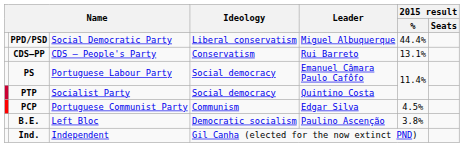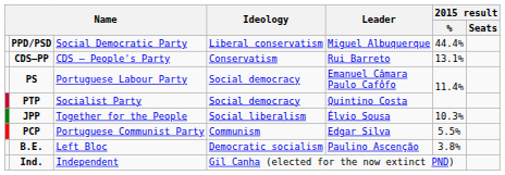 <table class="wikitable">
 <tr>
 <th rowspan="2" colspan="3">Name</th>
 <th rowspan="2">Ideology</th>
 <th rowspan="2">Leader</th>
 <th colspan="2">2015 result</th>
 </tr>
 <tr>
 <th>%</th>
 <th>Seats</th>
 </tr>
 <tr>
 <td style="color:inherit;background:"></td>
 <td style="text-align:center;"><strong>PPD/PSD</strong></td>
 <td><a href='#'>Social Democratic Party</a><br></td>
 <td><a href='#'>Liberal conservatism</a></td>
 <td><a href='#'>Miguel Albuquerque</a></td>
 <td style="text-align:center;">44.4%</td>
 <td></td>
 </tr>
 <tr>
 <td style="color:inherit;background:"></td>
 <td style="text-align:center;"><strong>CDS–PP</strong></td>
 <td><a href='#'>CDS – People's Party</a><br></td>
 <td><a href='#'>Conservatism</a></td>
 <td><a href='#'>Rui Barreto</a></td>
 <td style="text-align:center;">13.1%</td>
 <td></td>
 </tr>
 <tr>
 <td style="color:inherit;background:"></td>
 <td style="text-align:center;"><strong>PS</strong></td>
 <td><a href='#'>Portuguese Labour Party</a><br></td>
 <td><a href='#'>Social democracy</a></td>
 <td><a href='#'>Emanuel Câmara</a> <br><a href='#'>Paulo Cafôfo</a></td>
 <td rowspan="2" style="text-align:center;">11.4%<br></td>
 <td></td>
 </tr>
 <tr>
 <td style="background:#CC0033;"></td>
 <td style="text-align:center;"><strong>PTP</strong></td>
 <td><a href='#'>Socialist Party</a><br></td>
 <td><a href='#'>Social democracy</a></td>
 <td><a href='#'>Quintino Costa</a></td>
 <td></td>
 </tr>
 <tr>
+<td style="background:#008000;"></td>
+<td style="text-align:center;"><strong>JPP</strong></td>
+<td><a href='#'>Together for the People</a><br></td>
+<td><a href='#'>Social liberalism</a></td>
+<td><a href='#'>Élvio Sousa</a></td>
+<td style="text-align:center;">10.3%</td>
+<td></td>
+</tr>
+<tr>
 <td style="background:#FF0000;"></td>
 <td style="text-align:center;"><strong>PCP</strong></td>
 <td><a href='#'>Portuguese Communist Party</a><br></td>
 <td><a href='#'>Communism</a></td>
 <td><a href='#'>Edgar Silva</a></td>
-<td style="text-align:center;">4.5%<br></td>
+<td style="text-align:center;">5.5%<br></td>
 <td></td>
 </tr>
 <tr>
 <td style="color:inherit;background:"></td>
 <td style="text-align:center;"><strong>B.E.</strong></td>
 <td><a href='#'>Left Bloc</a><br></td>
 <td><a href='#'>Democratic socialism</a></td>
 <td><a href='#'>Paulino Ascenção</a></td>
 <td style="text-align:center;">3.8%</td>
 <td></td>
 </tr>
 <tr>
 <td style="color:inherit;background:"></td>
 <td style="text-align:center;"><strong>Ind.</strong></td>
 <td><a href='#'>Independent</a><br></td>
 <td colspan="3"><a href='#'>Gil Canha</a> (elected for the now extinct <a href='#'>PND</a>)</td>
 <td></td>
 </tr>
 </table>
